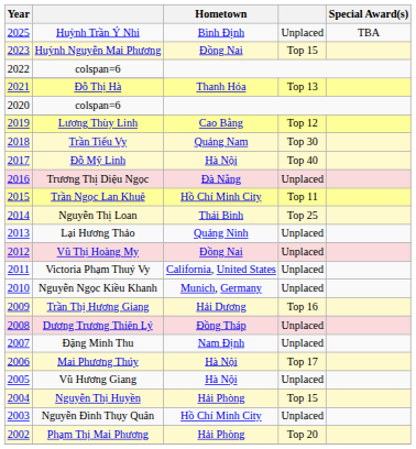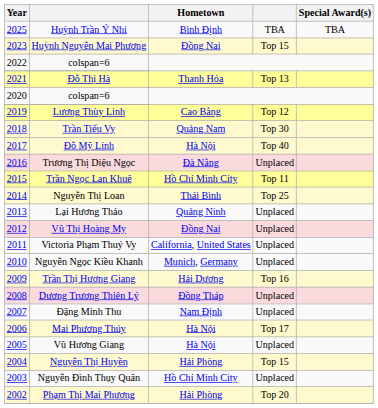 <table class="wikitable " style="font-size: 90%; text-align:center;">
 <tr>
 <th>Year</th>
 <th></th>
 <th>Hometown</th>
 <th></th>
 <th>Special Award(s)</th>
 </tr>
 <tr>
 <td><a href='#'>2025</a></td>
 <td><a href='#'>Huỳnh Trần Ý Nhi</a></td>
 <td><a href='#'>Bình Định</a></td>
-<td>Unplaced</td>
+<td>TBA</td>
 <td>TBA</td>
 </tr>
 <tr style="background-color:#FFFACD;">
 <td><a href='#'>2023</a></td>
 <td><a href='#'>Huỳnh Nguyễn Mai Phương</a></td>
 <td><a href='#'>Đồng Nai</a></td>
 <td>Top 15</td>
 <td style="background:;"></td>
 </tr>
 <tr>
 <td>2022</td>
 <td>colspan=6 </td>
 </tr>
 <tr>
 </tr>
 <tr style="background-color:#FFFF99;">
 <td><a href='#'>2021</a></td>
 <td><a href='#'>Đỗ Thị Hà</a></td>
 <td><a href='#'>Thanh Hóa</a></td>
 <td>Top 13</td>
 <td style="background:;"></td>
 </tr>
 <tr>
 <td>2020</td>
 <td>colspan=6 </td>
 </tr>
 <tr>
 </tr>
 <tr style="background-color:#FFFF99;">
 <td><a href='#'>2019</a></td>
 <td><a href='#'>Lương Thùy Linh</a></td>
 <td><a href='#'>Cao Bằng</a></td>
 <td>Top 12</td>
 <td style="background:;"></td>
 </tr>
 <tr style="background-color:#FFFACD;">
 <td><a href='#'>2018</a></td>
 <td><a href='#'>Trần Tiểu Vy</a></td>
 <td><a href='#'>Quảng Nam</a></td>
 <td>Top 30</td>
 <td style="background:;"></td>
 </tr>
 <tr style="background-color:#FFFACD;">
 <td><a href='#'>2017</a></td>
 <td><a href='#'>Đỗ Mỹ Linh</a></td>
 <td><a href='#'>Hà Nội</a></td>
 <td>Top 40</td>
 <td style="background:;"></td>
 </tr>
 <tr style="background-color:#FADADD;">
 <td><a href='#'>2016</a></td>
 <td>Trương Thị Diệu Ngọc</td>
 <td><a href='#'>Đà Nẵng</a></td>
 <td>Unplaced</td>
 <td style="background:;"></td>
 </tr>
 <tr style="background-color:#FFFF99;">
 <td><a href='#'>2015</a></td>
 <td><a href='#'>Trần Ngọc Lan Khuê</a></td>
 <td><a href='#'>Hồ Chí Minh City</a></td>
 <td>Top 11</td>
 <td style="background:;"></td>
 </tr>
 <tr style="background-color:#FFFACD;">
 <td><a href='#'>2014</a></td>
 <td>Nguyễn Thị Loan</td>
 <td><a href='#'>Thái Bình</a></td>
 <td>Top 25</td>
 <td style="background:;"></td>
 </tr>
 <tr>
 <td><a href='#'>2013</a></td>
 <td>Lại Hương Thảo</td>
 <td><a href='#'>Quảng Ninh</a></td>
 <td>Unplaced</td>
 <td></td>
 </tr>
 <tr style="background-color:#FADADD;">
 <td><a href='#'>2012</a></td>
 <td><a href='#'>Vũ Thị Hoàng My</a></td>
 <td><a href='#'>Đồng Nai</a></td>
 <td>Unplaced</td>
 <td style="background:;"></td>
 </tr>
 <tr>
 <td><a href='#'>2011</a></td>
 <td>Victoria Phạm Thuý Vy</td>
 <td><a href='#'>California</a>, <a href='#'>United States</a></td>
 <td>Unplaced</td>
 <td></td>
 </tr>
 <tr>
 <td><a href='#'>2010</a></td>
 <td>Nguyễn Ngọc Kiều Khanh</td>
 <td><a href='#'>Munich</a>, <a href='#'>Germany</a></td>
 <td>Unplaced</td>
 <td></td>
 </tr>
 <tr style="background-color:#FFFACD;">
 <td><a href='#'>2009</a></td>
 <td><a href='#'>Trần Thị Hương Giang</a></td>
 <td><a href='#'>Hải Dương</a></td>
 <td>Top 16</td>
 <td style="background:;"></td>
 </tr>
 <tr style="background-color:#FADADD;">
 <td><a href='#'>2008</a></td>
 <td><a href='#'>Dương Trương Thiên Lý</a></td>
 <td><a href='#'>Đồng Tháp</a></td>
 <td>Unplaced</td>
 <td style="background:;"></td>
 </tr>
 <tr>
 <td><a href='#'>2007</a></td>
 <td>Đặng Minh Thu</td>
 <td><a href='#'>Nam Định</a></td>
 <td>Unplaced</td>
 <td></td>
 </tr>
 <tr style="background-color:#FFFACD;">
 <td><a href='#'>2006</a></td>
 <td><a href='#'>Mai Phương Thúy</a></td>
 <td><a href='#'>Hà Nội</a></td>
 <td>Top 17</td>
 <td style="background:;"></td>
 </tr>
 <tr>
 <td><a href='#'>2005</a></td>
 <td>Vũ Hương Giang</td>
 <td><a href='#'>Hà Nội</a></td>
 <td>Unplaced</td>
 <td></td>
 </tr>
 <tr style="background-color:#FFFACD;">
 <td><a href='#'>2004</a></td>
 <td><a href='#'>Nguyễn Thị Huyền</a></td>
 <td><a href='#'>Hải Phòng</a></td>
 <td>Top 15</td>
 <td></td>
 </tr>
 <tr>
 <td><a href='#'>2003</a></td>
 <td>Nguyễn Đình Thụy Quân</td>
 <td><a href='#'>Hồ Chí Minh City</a></td>
 <td>Unplaced</td>
 <td></td>
 </tr>
 <tr style="background-color:#FFFACD;">
 <td><a href='#'>2002</a></td>
 <td><a href='#'>Phạm Thị Mai Phương</a></td>
 <td><a href='#'>Hải Phòng</a></td>
 <td>Top 20</td>
 <td></td>
 </tr>
 <tr>
 </tr>
 </table>
